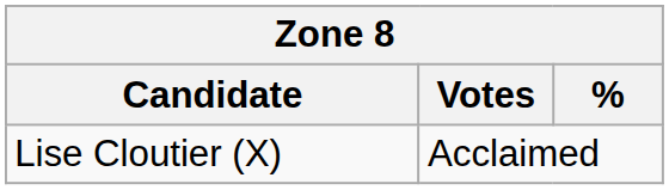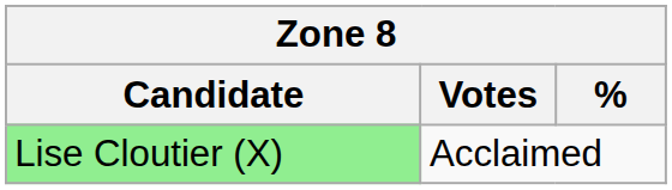 <table class="wikitable">
 <tr>
 <th colspan="3">Zone 8</th>
 </tr>
 <tr>
 <th style="width: 170px">Candidate</th>
 <th style="width: 50px">Votes</th>
 <th style="width: 40px">%</th>
 </tr>
 <tr>
-<td>Lise Cloutier (X)</td>
+<td style="background: lightgreen;">Lise Cloutier (X)</td>
 <td colspan="2">Acclaimed</td>
 </tr>
 </table>
